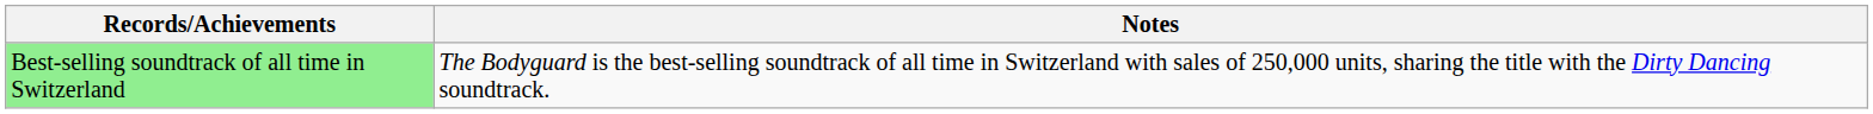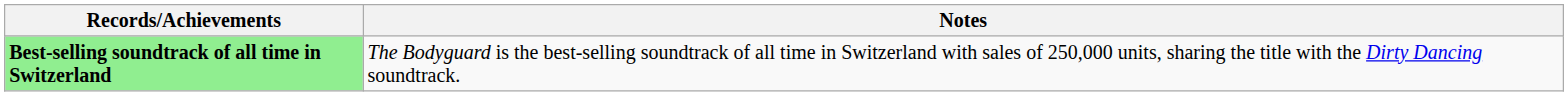 <table class="wikitable sortable plainrowheaders">
 <tr>
 <th scope="col" width=20%>Records/Achievements</th>
 <th scope="col" width=67%>Notes</th>
 </tr>
 <tr>
-<td style="background-color: #90EE90;">Best-selling soundtrack of all time in Switzerland</td>
+<td style="background-color: #90EE90;"><strong>Best-selling soundtrack of all time in Switzerland</strong></td>
 <td><em>The Bodyguard</em> is the best-selling soundtrack of all time in Switzerland with sales of 250,000 units, sharing the title with the <em><a href='#'>Dirty Dancing</a></em> soundtrack.</td>
 </tr>
 </table>
